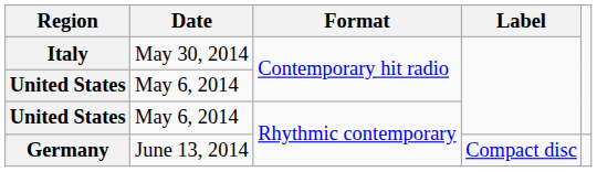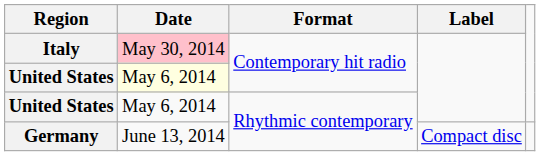 <table class="wikitable plainrowheaders">
 <tr>
 <th>Region</th>
 <th>Date</th>
 <th>Format</th>
 <th>Label</th>
 </tr>
 <tr>
 <th scope="row">Italy</th>
-<td>May 30, 2014</td>
+<td style="background: pink;">May 30, 2014</td>
 <td rowspan="2"><a href='#'>Contemporary hit radio</a></td>
 <td rowspan="3"></td>
 </tr>
 <tr>
 <th scope="row">United States</th>
-<td>May 6, 2014</td>
+<td style="background: lightyellow;">May 6, 2014</td>
 </tr>
 <tr>
 <th scope="row">United States</th>
 <td>May 6, 2014</td>
 <td rowspan="2"><a href='#'>Rhythmic contemporary</a></td>
 </tr>
 <tr>
 <th scope="row">Germany</th>
 <td>June 13, 2014</td>
 <td rowspan="2"><a href='#'>Compact disc</a></td>
 <td rowspan="3"></td>
 </tr>
 </table>
